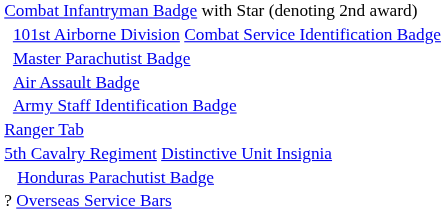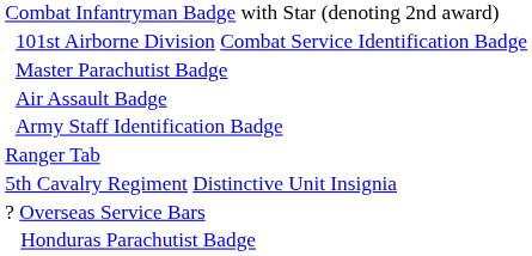 <table>
 <tr>
 <td> <a href='#'>Combat Infantryman Badge</a> with Star (denoting 2nd award)</td>
 </tr>
 <tr>
 <td>  <a href='#'>101st Airborne Division</a> <a href='#'>Combat Service Identification Badge</a></td>
 </tr>
 <tr>
 <td>  <a href='#'>Master Parachutist Badge</a></td>
 </tr>
 <tr>
 <td>  <a href='#'>Air Assault Badge</a></td>
 </tr>
 <tr>
 <td>  <a href='#'>Army Staff Identification Badge</a></td>
 </tr>
 <tr>
 <td> <a href='#'>Ranger Tab</a></td>
 </tr>
 <tr>
 <td> <a href='#'>5th Cavalry Regiment</a> <a href='#'>Distinctive Unit Insignia</a></td>
 </tr>
 <tr>
+<td> ? <a href='#'>Overseas Service Bars</a></td>
+</tr>
+<tr>
 <td>   <a href='#'>Honduras Parachutist Badge</a></td>
 </tr>
-<tr>
-<td> ? <a href='#'>Overseas Service Bars</a></td>
-</tr>
 </table>
